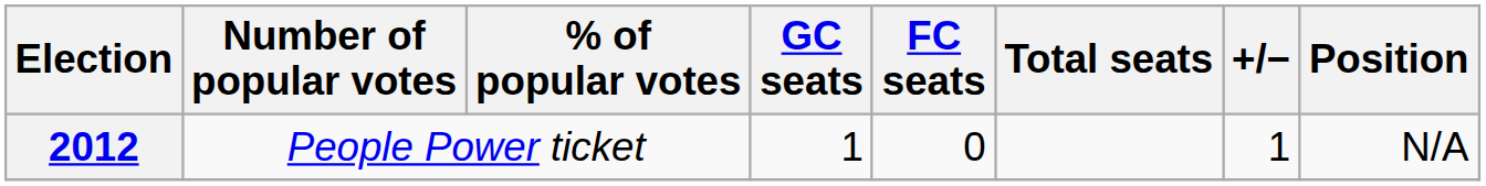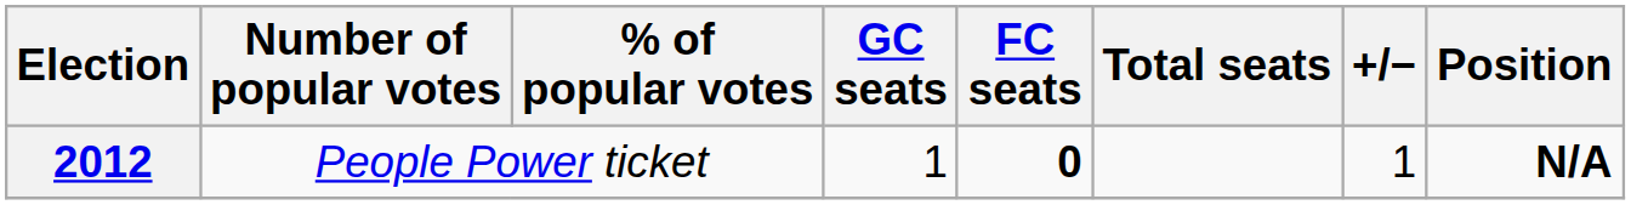 <table class="wikitable" style="text-align: right;">
 <tr align=center>
 <th><strong>Election</strong></th>
 <th>Number of<br>popular votes</th>
 <th>% of<br>popular votes</th>
 <th><a href='#'>GC</a><br>seats</th>
 <th><a href='#'>FC</a><br>seats</th>
 <th>Total seats</th>
 <th>+/−</th>
 <th>Position</th>
 </tr>
 <tr>
 <th><a href='#'>2012</a></th>
 <td colspan=2 align=center><em><a href='#'>People Power</a> ticket</em></td>
 <td>1</td>
-<td>0</td>
+<td><strong>0</strong></td>
 <td></td>
 <td>1</td>
-<td>N/A</td>
+<td><strong>N/A</strong></td>
 </tr>
 <tr>
 </tr>
 </table>
